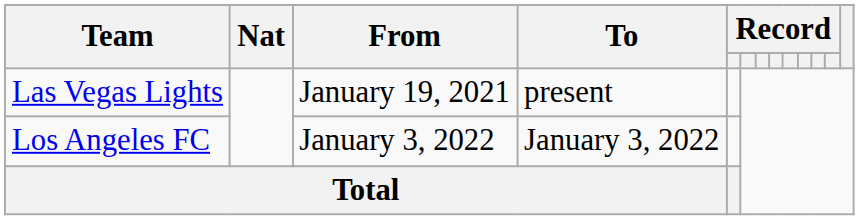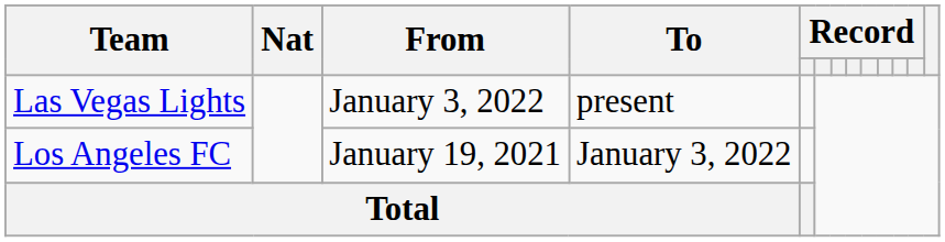 <table class="wikitable" style="text-align: center;">
 <tr>
 <th rowspan="2">Team</th>
 <th rowspan="2">Nat</th>
 <th rowspan="2">From</th>
 <th rowspan="2">To</th>
 <th colspan="8">Record</th>
 <th rowspan="2"></th>
 </tr>
 <tr>
 <th></th>
 <th></th>
 <th></th>
 <th></th>
 <th></th>
 <th></th>
 <th></th>
 <th></th>
 </tr>
 <tr>
 <td align=left><a href='#'>Las Vegas Lights</a></td>
 <td rowspan="2"></td>
-<td align=left>January 19, 2021</td>
+<td align=left>January 3, 2022</td>
 <td align=left>present<br></td>
 <td></td>
 </tr>
 <tr>
 <td align=left><a href='#'>Los Angeles FC</a></td>
-<td align=left>January 3, 2022</td>
+<td align=left>January 19, 2021</td>
 <td align=left>January 3, 2022<br></td>
 <td></td>
 </tr>
 <tr>
 <th colspan="4">Total<br></th>
 <th></th>
 </tr>
 </table>
